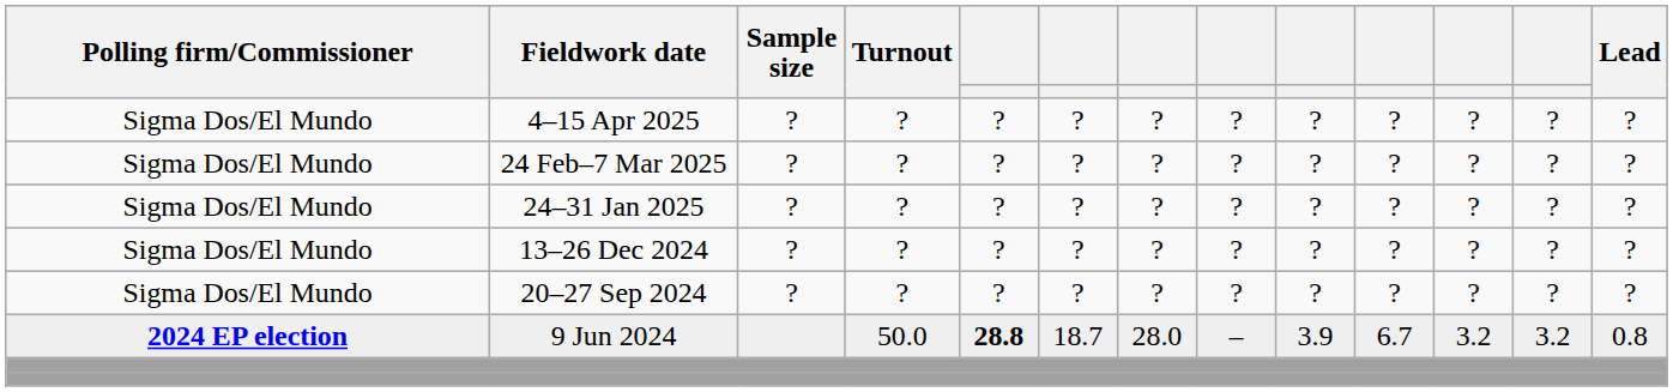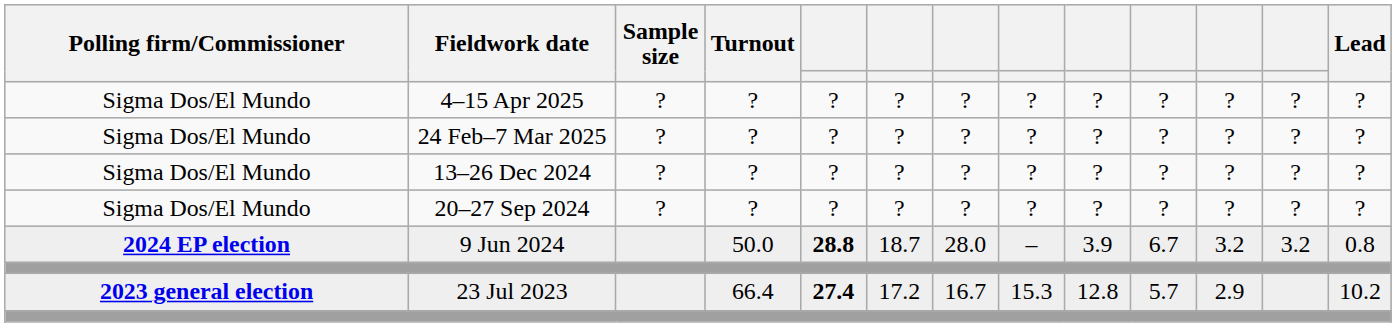 <table class="wikitable collapsible collapsed" style="text-align:center; font-size:95%; line-height:16px;">
 <tr style="height:42px;">
 <th style="width:250px;" rowspan="2">Polling firm/Commissioner</th>
 <th style="width:125px;" rowspan="2">Fieldwork date</th>
 <th style="width:50px;" rowspan="2">Sample size</th>
 <th style="width:45px;" rowspan="2">Turnout</th>
 <th style="width:35px;"></th>
 <th style="width:35px;"></th>
 <th style="width:35px;"></th>
 <th style="width:35px;"></th>
 <th style="width:35px;"></th>
 <th style="width:35px;"></th>
 <th style="width:35px;"></th>
 <th style="width:35px;"></th>
 <th style="width:30px;" rowspan="2">Lead</th>
 </tr>
 <tr>
 <th style="color:inherit;background:"></th>
 <th style="color:inherit;background:"></th>
 <th style="color:inherit;background:"></th>
 <th style="color:inherit;background:"></th>
 <th style="color:inherit;background:"></th>
 <th style="color:inherit;background:"></th>
 <th style="color:inherit;background:"></th>
 <th style="color:inherit;background:"></th>
 </tr>
 <tr>
 <td>Sigma Dos/El Mundo</td>
 <td>4–15 Apr 2025</td>
 <td>?</td>
 <td>?</td>
 <td>?<br></td>
 <td>?<br></td>
 <td>?<br></td>
 <td>?<br></td>
 <td>?<br></td>
 <td>?<br></td>
 <td>?<br></td>
 <td>?<br></td>
 <td style="background:">?</td>
 </tr>
 <tr>
 <td>Sigma Dos/El Mundo</td>
 <td>24 Feb–7 Mar 2025</td>
-<td>?</td>
-<td>?</td>
-<td>?<br></td>
-<td>?<br></td>
-<td>?<br></td>
-<td>?<br></td>
-<td>?<br></td>
-<td>?<br></td>
-<td>?<br></td>
-<td>?<br></td>
-<td style="background:">?</td>
-</tr>
-<tr>
-<td>Sigma Dos/El Mundo</td>
-<td>24–31 Jan 2025</td>
 <td>?</td>
 <td>?</td>
 <td>?<br></td>
 <td>?<br></td>
 <td>?<br></td>
 <td>?<br></td>
 <td>?<br></td>
 <td>?<br></td>
 <td>?<br></td>
 <td>?<br></td>
 <td style="background:">?</td>
 </tr>
 <tr>
 <td>Sigma Dos/El Mundo</td>
 <td>13–26 Dec 2024</td>
 <td>?</td>
 <td>?</td>
 <td>?<br></td>
 <td>?<br></td>
 <td>?<br></td>
 <td>?<br></td>
 <td>?<br></td>
 <td>?<br></td>
 <td>?<br></td>
 <td>?<br></td>
 <td style="background:">?</td>
 </tr>
 <tr>
 <td>Sigma Dos/El Mundo</td>
 <td>20–27 Sep 2024</td>
 <td>?</td>
 <td>?</td>
 <td>?<br></td>
 <td>?<br></td>
 <td>?<br></td>
 <td>?<br></td>
 <td>?<br></td>
 <td>?<br></td>
 <td>?<br></td>
 <td>?<br></td>
 <td style="background:">?</td>
 </tr>
 <tr style="background:#EFEFEF;">
 <td><strong><a href='#'>2024 EP election</a></strong></td>
 <td>9 Jun 2024</td>
 <td></td>
 <td>50.0</td>
 <td><strong>28.8</strong><br></td>
 <td>18.7<br></td>
 <td>28.0<br></td>
 <td>–</td>
 <td>3.9<br></td>
 <td>6.7<br></td>
 <td>3.2<br></td>
 <td>3.2<br></td>
 <td style="background:">0.8</td>
 </tr>
 <tr>
 <td colspan="13" style="background:#A0A0A0"></td>
 </tr>
+<tr style="background:#EFEFEF;">
+<td><strong><a href='#'>2023 general election</a></strong></td>
+<td>23 Jul 2023</td>
+<td></td>
+<td>66.4</td>
+<td><strong>27.4</strong><br></td>
+<td>17.2<br></td>
+<td>16.7<br></td>
+<td>15.3<br></td>
+<td>12.8<br></td>
+<td>5.7<br></td>
+<td>2.9<br></td>
+<td></td>
+<td style="background:">10.2</td>
+</tr>
 <tr>
 <td colspan="13" style="background:#A0A0A0"></td>
 </tr>
 </table>
